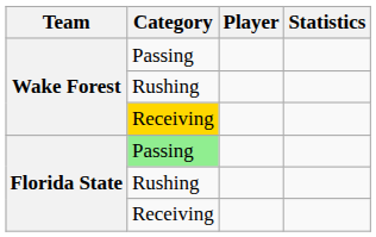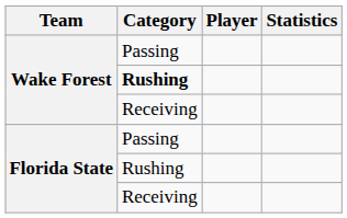 <table class="wikitable" style="float:right">
 <tr>
 <th>Team</th>
 <th>Category</th>
 <th>Player</th>
 <th>Statistics</th>
 </tr>
 <tr>
 <th rowspan=3>Wake Forest</th>
 <td>Passing</td>
 <td></td>
 <td></td>
 </tr>
 <tr>
-<td>Rushing</td>
+<td><strong>Rushing</strong></td>
 <td></td>
 <td></td>
 </tr>
 <tr>
-<td style="background: gold;">Receiving</td>
+<td>Receiving</td>
 <td></td>
 <td></td>
 </tr>
 <tr>
 <th rowspan=3>Florida State</th>
-<td style="background: lightgreen;">Passing</td>
+<td>Passing</td>
 <td></td>
 <td></td>
 </tr>
 <tr>
 <td>Rushing</td>
 <td></td>
 <td></td>
 </tr>
 <tr>
 <td>Receiving</td>
 <td></td>
 <td></td>
 </tr>
 </table>
